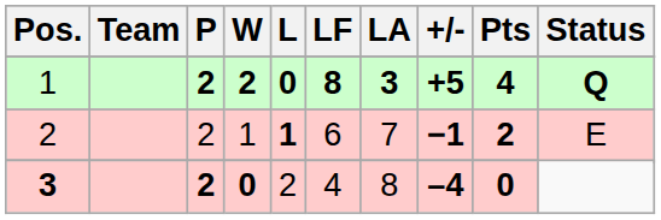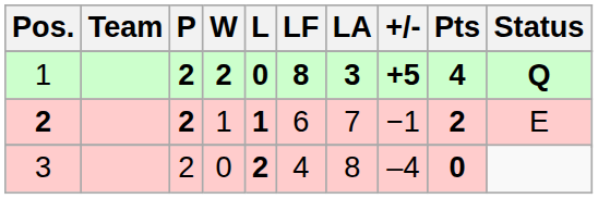 <table class="wikitable" style="text-align:center; margin: 1em auto 1em auto, align:left">
 <tr>
 <th>Pos.</th>
 <th>Team</th>
 <th>P</th>
 <th>W</th>
 <th>L</th>
 <th>LF</th>
 <th>LA</th>
 <th>+/-</th>
 <th>Pts</th>
 <th>Status</th>
 </tr>
 <tr>
 </tr>
 <tr style="background-color:#ccffcc">
 <td>1</td>
 <td style="text-align:left;"></td>
 <td><strong>2</strong></td>
 <td><strong>2</strong></td>
 <td><strong>0</strong></td>
 <td><strong>8</strong></td>
 <td><strong>3</strong></td>
 <td><strong>+5</strong></td>
 <td><strong>4</strong></td>
 <td><strong>Q</strong></td>
 </tr>
 <tr style="background-color:#FFCCCC">
-<td>2</td>
+<td><strong>2</strong></td>
 <td style="text-align:left;"></td>
-<td>2</td>
+<td><strong>2</strong></td>
 <td>1</td>
 <td><strong>1</strong></td>
 <td>6</td>
 <td>7</td>
-<td><strong>−1</strong></td>
+<td>−1</td>
 <td><strong>2</strong></td>
 <td rowspan=2>E</td>
 </tr>
 <tr>
 </tr>
 <tr style="background-color:#FFCCCC">
-<td><strong>3</strong></td>
+<td>3</td>
 <td style="text-align:left;"></td>
+<td>2</td>
+<td>0</td>
 <td><strong>2</strong></td>
-<td><strong>0</strong></td>
-<td>2</td>
 <td>4</td>
 <td>8</td>
-<td><strong>–4</strong></td>
+<td>–4</td>
 <td><strong>0</strong></td>
 </tr>
 </table>
